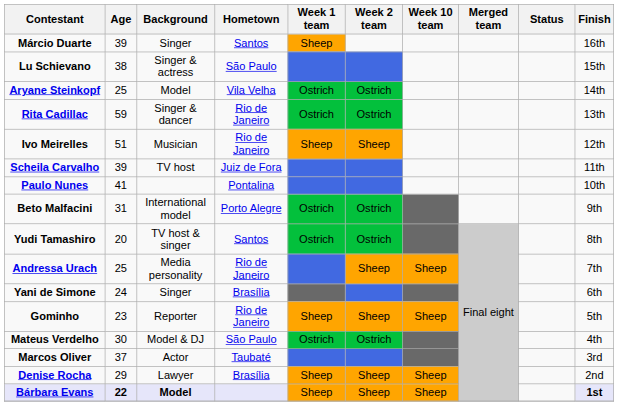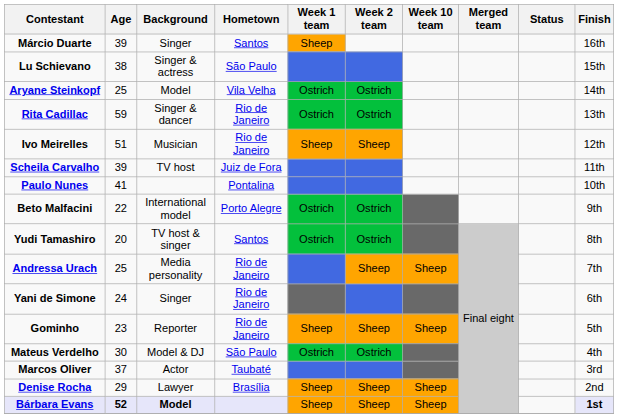 <table class= "wikitable sortable" style="text-align: center; margin:auto; align: center">
 <tr>
 <th width=150>Contestant</th>
 <th width=050>Age</th>
 <th width=125>Background</th>
 <th width=125>Hometown</th>
 <th width=115>Week 1 team</th>
 <th width=115>Week 2 team</th>
 <th width=115>Week 10 team</th>
 <th width=115>Merged team</th>
 <th width=115>Status</th>
 <th width=050>Finish</th>
 </tr>
 <tr>
 <td><strong>Márcio Duarte</strong></td>
 <td>39</td>
 <td>Singer</td>
 <td><a href='#'>Santos</a></td>
 <td bgcolor="FFA500">Sheep</td>
 <td></td>
 <td></td>
 <td></td>
 <td><br></td>
 <td>16th</td>
 </tr>
 <tr>
 <td><strong>Lu Schievano</strong></td>
 <td>38</td>
 <td>Singer & actress</td>
 <td><a href='#'>São Paulo</a></td>
 <td bgcolor="4169E1"></td>
 <td bgcolor="4169E1"></td>
 <td></td>
 <td></td>
 <td><br></td>
 <td>15th</td>
 </tr>
 <tr>
 <td nowrap><strong><a href='#'>Aryane Steinkopf</a></strong></td>
 <td>25</td>
 <td>Model</td>
 <td><a href='#'>Vila Velha</a></td>
 <td bgcolor="03C03C">Ostrich</td>
 <td bgcolor="03C03C">Ostrich</td>
 <td></td>
 <td></td>
 <td><br></td>
 <td>14th</td>
 </tr>
 <tr>
 <td><strong><a href='#'>Rita Cadillac</a></strong></td>
 <td>59</td>
 <td>Singer & dancer</td>
 <td><a href='#'>Rio de Janeiro</a></td>
 <td bgcolor="03C03C">Ostrich</td>
 <td bgcolor="03C03C">Ostrich</td>
 <td></td>
 <td></td>
 <td><br></td>
 <td>13th</td>
 </tr>
 <tr>
 <td><strong>Ivo Meirelles</strong></td>
 <td>51</td>
 <td>Musician</td>
 <td><a href='#'>Rio de Janeiro</a></td>
 <td bgcolor="FFA500">Sheep</td>
 <td bgcolor="FFA500">Sheep</td>
 <td></td>
 <td></td>
 <td><br></td>
 <td>12th</td>
 </tr>
 <tr>
 <td><strong><a href='#'>Scheila Carvalho</a></strong></td>
 <td>39</td>
 <td>TV host</td>
 <td><a href='#'>Juiz de Fora</a></td>
 <td bgcolor="4169E1"></td>
 <td bgcolor="4169E1"></td>
 <td></td>
 <td></td>
 <td><br></td>
 <td>11th</td>
 </tr>
 <tr>
 <td><strong><a href='#'>Paulo Nunes</a></strong></td>
 <td>41</td>
 <td></td>
 <td><a href='#'>Pontalina</a></td>
 <td bgcolor="4169E1"></td>
 <td bgcolor="4169E1"></td>
 <td></td>
 <td></td>
 <td><br></td>
 <td>10th</td>
 </tr>
 <tr>
 <td><strong>Beto Malfacini</strong></td>
-<td>31</td>
+<td>22</td>
 <td>International model</td>
 <td><a href='#'>Porto Alegre</a></td>
 <td bgcolor="03C03C">Ostrich</td>
 <td bgcolor="03C03C">Ostrich</td>
 <td bgcolor="696969"></td>
 <td></td>
 <td><br></td>
 <td>9th</td>
 </tr>
 <tr>
 <td><strong>Yudi Tamashiro</strong></td>
 <td>20</td>
 <td>TV host & singer</td>
 <td><a href='#'>Santos</a></td>
 <td bgcolor="03C03C">Ostrich</td>
 <td bgcolor="03C03C">Ostrich</td>
 <td bgcolor="696969"></td>
 <td bgcolor="CCCCCC" rowspan=8>Final eight</td>
 <td><br></td>
 <td>8th</td>
 </tr>
 <tr>
 <td><strong><a href='#'>Andressa Urach</a></strong></td>
 <td>25</td>
 <td>Media personality</td>
 <td><a href='#'>Rio de Janeiro</a></td>
 <td bgcolor="4169E1"></td>
 <td bgcolor="FFA500">Sheep</td>
 <td bgcolor="FFA500">Sheep</td>
 <td><br></td>
 <td>7th</td>
 </tr>
 <tr>
 <td><strong>Yani de Simone</strong></td>
 <td>24</td>
 <td>Singer</td>
-<td><a href='#'>Brasília</a></td>
+<td><a href='#'>Rio de Janeiro</a></td>
 <td bgcolor="696969"></td>
 <td bgcolor="4169E1"></td>
 <td bgcolor="696969"></td>
 <td><br></td>
 <td>6th</td>
 </tr>
 <tr>
 <td><strong>Gominho</strong></td>
 <td>23</td>
 <td>Reporter</td>
 <td><a href='#'>Rio de Janeiro</a></td>
 <td bgcolor="FFA500">Sheep</td>
 <td bgcolor="FFA500">Sheep</td>
 <td bgcolor="FFA500">Sheep</td>
 <td><br></td>
 <td>5th</td>
 </tr>
 <tr>
 <td><strong>Mateus Verdelho</strong></td>
 <td>30</td>
 <td>Model & DJ</td>
 <td><a href='#'>São Paulo</a></td>
 <td bgcolor="03C03C">Ostrich</td>
 <td bgcolor="03C03C">Ostrich</td>
 <td bgcolor="696969"></td>
 <td><br></td>
 <td>4th</td>
 </tr>
 <tr>
 <td><strong>Marcos Oliver</strong></td>
 <td>37</td>
 <td>Actor</td>
 <td><a href='#'>Taubaté</a></td>
 <td bgcolor="4169E1"></td>
 <td bgcolor="4169E1"></td>
 <td bgcolor="696969"></td>
 <td><br></td>
 <td>3rd</td>
 </tr>
 <tr>
 <td><strong><a href='#'>Denise Rocha</a></strong></td>
 <td>29</td>
 <td>Lawyer</td>
 <td><a href='#'>Brasília</a></td>
 <td bgcolor="FFA500">Sheep</td>
 <td bgcolor="FFA500">Sheep</td>
 <td bgcolor="FFA500">Sheep</td>
 <td><br></td>
 <td>2nd</td>
 </tr>
 <tr>
 <td bgcolor="E6E6FA" nowrap><strong><a href='#'>Bárbara Evans</a></strong></td>
-<td bgcolor="E6E6FA"><strong>22</strong></td>
+<td bgcolor="E6E6FA"><strong>52</strong></td>
 <td bgcolor="E6E6FA"><strong>Model</strong></td>
 <td bgcolor="E6E6FA"><strong></strong></td>
 <td bgcolor="FFA500">Sheep</td>
 <td bgcolor="FFA500">Sheep</td>
 <td bgcolor="FFA500">Sheep</td>
 <td></td>
 <td bgcolor="E6E6FA"><strong>1st</strong></td>
 </tr>
 <tr>
 </tr>
 </table>
